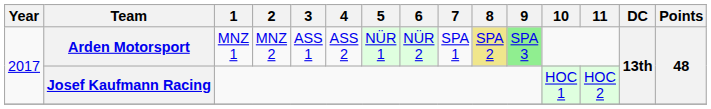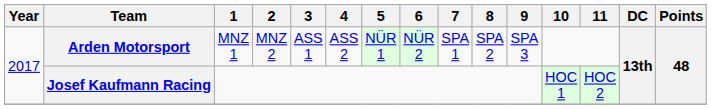 <table class="wikitable" style="text-align:center; font-size:85%">
 <tr>
 <th>Year</th>
 <th>Team</th>
 <th>1</th>
 <th>2</th>
 <th>3</th>
 <th>4</th>
 <th>5</th>
 <th>6</th>
 <th>7</th>
 <th>8</th>
 <th>9</th>
 <th>10</th>
 <th>11</th>
 <th>DC</th>
 <th>Points</th>
 </tr>
 <tr>
 <td rowspan=2><a href='#'>2017</a></td>
 <th nowrap><a href='#'>Arden Motorsport</a></th>
 <td><a href='#'>MNZ<br>1</a></td>
 <td><a href='#'>MNZ<br>2</a></td>
 <td><a href='#'>ASS<br>1</a></td>
 <td><a href='#'>ASS<br>2</a></td>
 <td style="background:#dfffdf;"><a href='#'>NÜR<br>1</a><br></td>
 <td style="background:#dfffdf;"><a href='#'>NÜR<br>2</a><br></td>
 <td><a href='#'>SPA<br>1</a></td>
-<td style="background: khaki;"><a href='#'>SPA<br>2</a></td>
-<td style="background: lightgreen;"><a href='#'>SPA<br>3</a></td>
+<td><a href='#'>SPA<br>2</a></td>
+<td><a href='#'>SPA<br>3</a></td>
 <td colspan=2></td>
 <th rowspan=2>13th</th>
 <th rowspan=2>48</th>
 </tr>
 <tr>
 <th nowrap><a href='#'>Josef Kaufmann Racing</a></th>
 <td colspan=9></td>
 <td style="background:#dfffdf;"><a href='#'>HOC<br>1</a><br></td>
 <td style="background:#dfffdf;"><a href='#'>HOC<br>2</a><br></td>
 </tr>
 <tr>
 </tr>
 </table>
